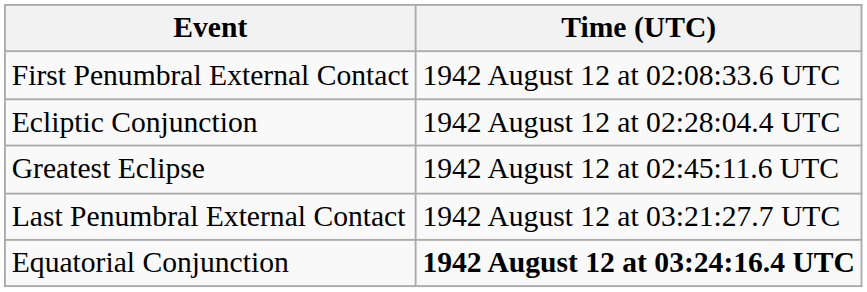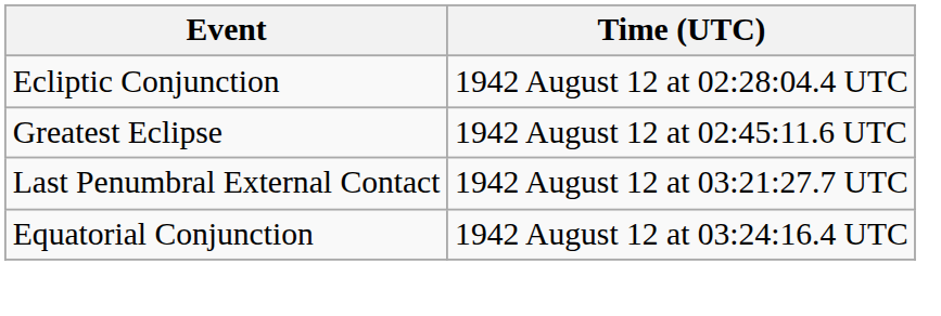 <table class="wikitable">
 <tr>
 <th>Event</th>
 <th>Time (UTC)</th>
-</tr>
-<tr>
-<td>First Penumbral External Contact</td>
-<td>1942 August 12 at 02:08:33.6 UTC</td>
 </tr>
 <tr>
 <td>Ecliptic Conjunction</td>
 <td>1942 August 12 at 02:28:04.4 UTC</td>
 </tr>
 <tr>
 <td>Greatest Eclipse</td>
 <td>1942 August 12 at 02:45:11.6 UTC</td>
 </tr>
 <tr>
 <td>Last Penumbral External Contact</td>
 <td>1942 August 12 at 03:21:27.7 UTC</td>
 </tr>
 <tr>
 <td>Equatorial Conjunction</td>
-<td><strong>1942 August 12 at 03:24:16.4 UTC</strong></td>
+<td>1942 August 12 at 03:24:16.4 UTC</td>
 </tr>
 </table>
